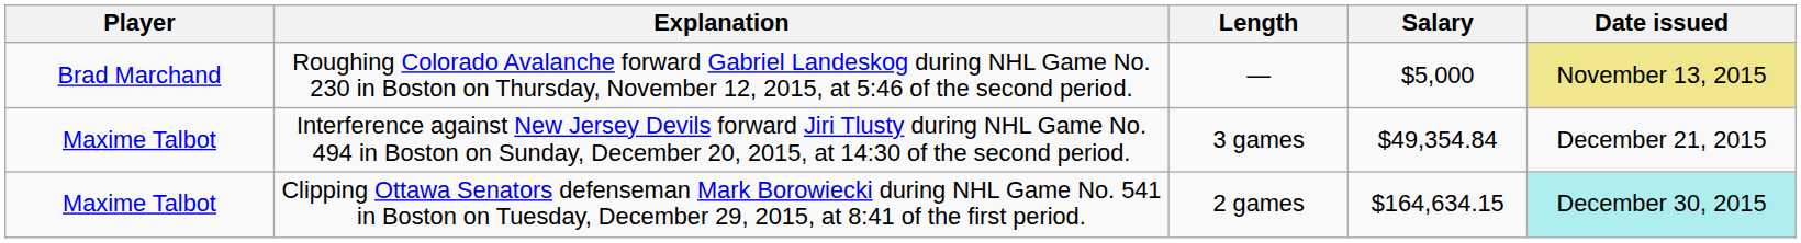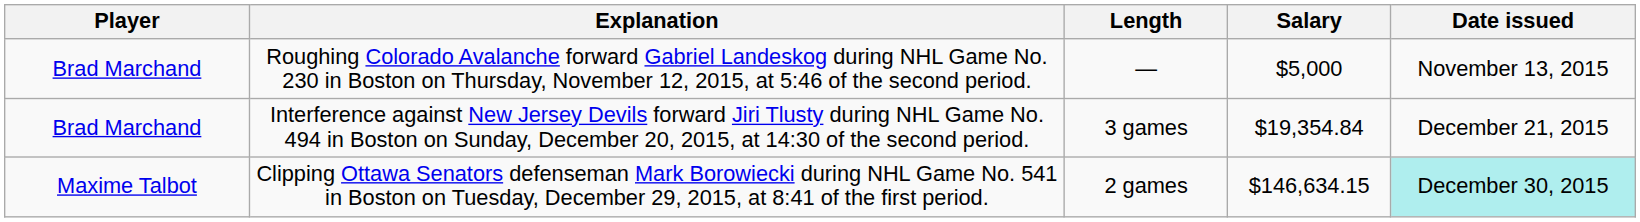 <table class="wikitable" style="width:75em; text-align:center;">
 <tr>
 <th style="width:15%;">Player</th>
 <th style="width:50%;">Explanation</th>
 <th style="width:10%;">Length</th>
 <th style="width:10%;">Salary</th>
 <th style="width:15%;">Date issued</th>
 </tr>
 <tr>
 <td><a href='#'>Brad Marchand</a></td>
 <td>Roughing <a href='#'>Colorado Avalanche</a> forward <a href='#'>Gabriel Landeskog</a> during NHL Game No. 230 in Boston on Thursday, November 12, 2015, at 5:46 of the second period.</td>
 <td>—</td>
 <td>$5,000</td>
-<td style="background: khaki;">November 13, 2015</td>
+<td>November 13, 2015</td>
 </tr>
 <tr>
-<td><a href='#'>Maxime Talbot</a></td>
+<td><a href='#'>Brad Marchand</a></td>
 <td>Interference against <a href='#'>New Jersey Devils</a> forward <a href='#'>Jiri Tlusty</a> during NHL Game No. 494 in Boston on Sunday, December 20, 2015, at 14:30 of the second period.</td>
 <td>3 games</td>
-<td>$49,354.84</td>
+<td>$19,354.84</td>
 <td>December 21, 2015</td>
 </tr>
 <tr>
 <td><a href='#'>Maxime Talbot</a></td>
 <td>Clipping <a href='#'>Ottawa Senators</a> defenseman <a href='#'>Mark Borowiecki</a> during NHL Game No. 541 in Boston on Tuesday, December 29, 2015, at 8:41 of the first period.</td>
 <td>2 games</td>
-<td>$164,634.15</td>
+<td>$146,634.15</td>
 <td style="background: paleturquoise;">December 30, 2015</td>
 </tr>
 </table>
